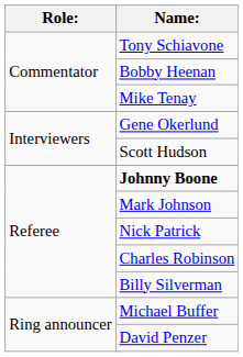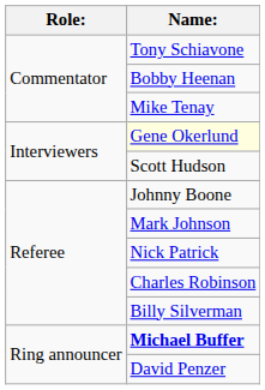 <table class=wikitable style="font-size:90%; margin: 0.5em 0 0.5em 1em; float: right; clear: right;">
 <tr>
 <th>Role:</th>
 <th>Name:</th>
 </tr>
 <tr>
 <td rowspan=3>Commentator</td>
 <td><a href='#'>Tony Schiavone</a></td>
 </tr>
 <tr>
 <td><a href='#'>Bobby Heenan</a></td>
 </tr>
 <tr>
 <td><a href='#'>Mike Tenay</a></td>
 </tr>
 <tr>
 <td rowspan=2>Interviewers</td>
-<td><a href='#'>Gene Okerlund</a></td>
+<td style="background: lightyellow;"><a href='#'>Gene Okerlund</a></td>
 </tr>
 <tr>
 <td>Scott Hudson</td>
 </tr>
 <tr>
 <td rowspan=5>Referee</td>
-<td><strong>Johnny Boone</strong></td>
+<td>Johnny Boone</td>
 </tr>
 <tr>
 <td><a href='#'>Mark Johnson</a></td>
 </tr>
 <tr>
 <td><a href='#'>Nick Patrick</a></td>
 </tr>
 <tr>
 <td><a href='#'>Charles Robinson</a></td>
 </tr>
 <tr>
 <td><a href='#'>Billy Silverman</a></td>
 </tr>
 <tr>
 <td rowspan=2>Ring announcer</td>
-<td><a href='#'>Michael Buffer</a></td>
+<td><strong><a href='#'>Michael Buffer</a></strong></td>
 </tr>
 <tr>
 <td><a href='#'>David Penzer</a></td>
 </tr>
 </table>
